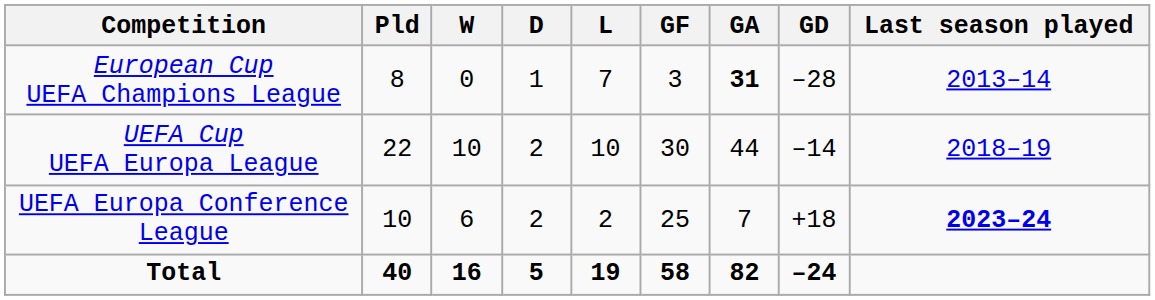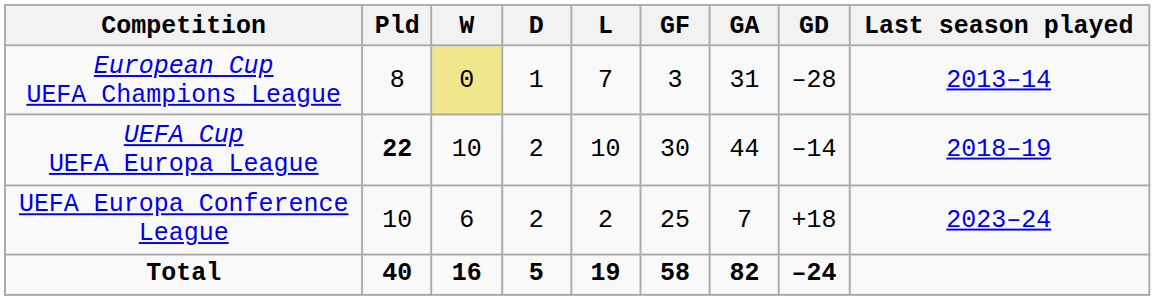 <table class="wikitable" style="text-align: center;">
 <tr>
 <th width="180">Competition</th>
 <th width="30">Pld</th>
 <th width="30">W</th>
 <th width="30">D</th>
 <th width="30">L</th>
 <th width="30">GF</th>
 <th width="30">GA</th>
 <th width="30">GD</th>
 <th width="150">Last season played</th>
 </tr>
 <tr>
 <td><a href='#'><em>European Cup</em> <br>UEFA Champions League</a></td>
 <td>8</td>
-<td>0</td>
+<td style="background: khaki;">0</td>
 <td>1</td>
 <td>7</td>
 <td>3</td>
-<td><strong>31</strong></td>
+<td>31</td>
 <td>–28</td>
 <td><a href='#'>2013–14</a></td>
 </tr>
 <tr>
 <td><a href='#'><em>UEFA Cup</em> <br> UEFA Europa League</a></td>
-<td>22</td>
+<td><strong>22</strong></td>
 <td>10</td>
 <td>2</td>
 <td>10</td>
 <td>30</td>
 <td>44</td>
 <td>–14</td>
 <td><a href='#'>2018–19</a></td>
 </tr>
 <tr>
 <td><a href='#'>UEFA Europa Conference League</a></td>
 <td>10</td>
 <td>6</td>
 <td>2</td>
 <td>2</td>
 <td>25</td>
 <td>7</td>
 <td>+18</td>
-<td><strong><a href='#'>2023–24</a></strong></td>
+<td><a href='#'>2023–24</a></td>
 </tr>
 <tr>
 <td><strong>Total</strong></td>
 <td><strong>40</strong></td>
 <td><strong>16</strong></td>
 <td><strong>5</strong></td>
 <td><strong>19</strong></td>
 <td><strong>58</strong></td>
 <td><strong>82</strong></td>
 <td><strong>–24</strong></td>
 </tr>
 </table>
